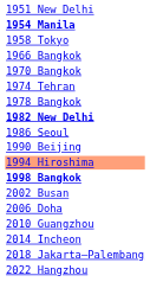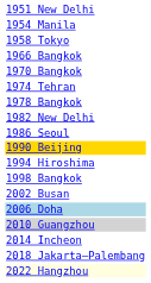 <table>
 <tr>
 <td><a href='#'>1951 New Delhi</a></td>
 <td></td>
 <td></td>
 <td></td>
 </tr>
 <tr>
-<td><strong><a href='#'>1954 Manila</a></strong></td>
+<td><a href='#'>1954 Manila</a></td>
 <td></td>
 <td></td>
 <td></td>
 </tr>
 <tr>
 <td><a href='#'>1958 Tokyo</a></td>
 <td></td>
 <td></td>
 <td></td>
 </tr>
 <tr>
 <td><a href='#'>1966 Bangkok</a></td>
 <td></td>
 <td></td>
 <td></td>
 </tr>
 <tr>
 <td><a href='#'>1970 Bangkok</a></td>
 <td></td>
 <td></td>
 <td></td>
 </tr>
 <tr>
 <td><a href='#'>1974 Tehran</a></td>
 <td></td>
 <td></td>
 <td></td>
 </tr>
 <tr>
 <td><a href='#'>1978 Bangkok</a></td>
 <td></td>
 <td></td>
 <td></td>
 </tr>
 <tr>
-<td><strong><a href='#'>1982 New Delhi</a></strong></td>
+<td><a href='#'>1982 New Delhi</a></td>
 <td></td>
 <td></td>
 <td></td>
 </tr>
 <tr>
 <td><a href='#'>1986 Seoul</a></td>
 <td></td>
 <td></td>
 <td></td>
 </tr>
 <tr>
-<td><a href='#'>1990 Beijing</a></td>
+<td style="background: gold;"><a href='#'>1990 Beijing</a></td>
 <td></td>
 <td></td>
 <td></td>
 </tr>
 <tr>
-<td style="background: lightsalmon;"><a href='#'>1994 Hiroshima</a></td>
+<td><a href='#'>1994 Hiroshima</a></td>
 <td></td>
 <td></td>
 <td></td>
 </tr>
 <tr>
-<td><strong><a href='#'>1998 Bangkok</a></strong></td>
+<td><a href='#'>1998 Bangkok</a></td>
 <td></td>
 <td></td>
 <td></td>
 </tr>
 <tr>
 <td><a href='#'>2002 Busan</a></td>
 <td></td>
 <td></td>
 <td></td>
 </tr>
 <tr>
-<td><a href='#'>2006 Doha</a></td>
+<td style="background: lightblue;"><a href='#'>2006 Doha</a></td>
 <td></td>
 <td></td>
 <td></td>
 </tr>
 <tr>
-<td><a href='#'>2010 Guangzhou</a></td>
+<td style="background: lightgrey;"><a href='#'>2010 Guangzhou</a></td>
 <td></td>
 <td></td>
 <td></td>
 </tr>
 <tr>
 <td><a href='#'>2014 Incheon</a></td>
 <td></td>
 <td></td>
 <td></td>
 </tr>
 <tr>
 <td><a href='#'>2018 Jakarta–Palembang</a></td>
 <td></td>
 <td></td>
 <td></td>
 </tr>
 <tr>
-<td><a href='#'>2022 Hangzhou</a></td>
+<td style="background: lightyellow;"><a href='#'>2022 Hangzhou</a></td>
 <td></td>
 <td></td>
 <td></td>
 </tr>
 </table>
